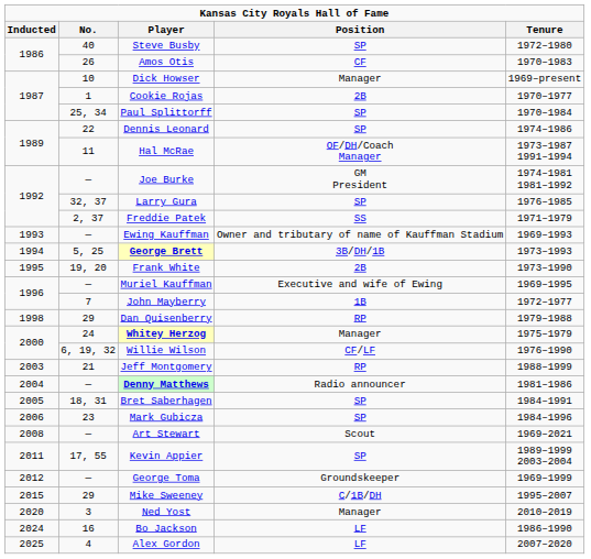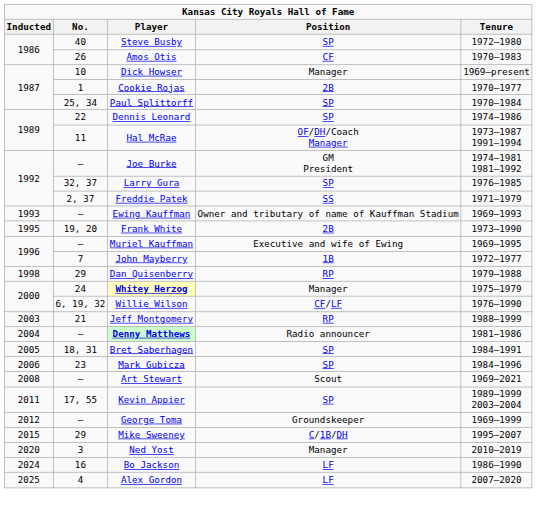 <table class="wikitable" style="text-align:center">
 <tr>
 <td colspan="5"><strong>Kansas City Royals Hall of Fame</strong></td>
 </tr>
 <tr>
 <th>Inducted</th>
 <th>No.</th>
 <th>Player</th>
 <th>Position</th>
 <th>Tenure</th>
 </tr>
 <tr>
 <td rowspan=2>1986</td>
 <td>40</td>
 <td><a href='#'>Steve Busby</a></td>
 <td><a href='#'>SP</a></td>
 <td>1972–1980</td>
 </tr>
 <tr>
 <td>26</td>
 <td><a href='#'>Amos Otis</a></td>
 <td><a href='#'>CF</a></td>
 <td>1970–1983</td>
 </tr>
 <tr>
 <td rowspan=3>1987</td>
 <td>10</td>
 <td><a href='#'>Dick Howser</a></td>
 <td>Manager</td>
 <td>1969–present</td>
 </tr>
 <tr>
 <td>1</td>
 <td><a href='#'>Cookie Rojas</a></td>
 <td><a href='#'>2B</a></td>
 <td>1970–1977</td>
 </tr>
 <tr>
 <td>25, 34</td>
 <td><a href='#'>Paul Splittorff</a></td>
 <td><a href='#'>SP</a></td>
 <td>1970–1984</td>
 </tr>
 <tr>
 <td rowspan=2>1989</td>
 <td>22</td>
 <td><a href='#'>Dennis Leonard</a></td>
 <td><a href='#'>SP</a></td>
 <td>1974–1986</td>
 </tr>
 <tr>
 <td>11</td>
 <td><a href='#'>Hal McRae</a></td>
 <td><a href='#'>OF</a>/<a href='#'>DH</a>/Coach<br><a href='#'>Manager</a></td>
 <td>1973–1987<br>1991–1994</td>
 </tr>
 <tr>
 <td rowspan=3>1992</td>
 <td>—</td>
 <td><a href='#'>Joe Burke</a></td>
 <td>GM<br>President</td>
 <td>1974–1981<br>1981–1992</td>
 </tr>
 <tr>
 <td>32, 37</td>
 <td><a href='#'>Larry Gura</a></td>
 <td><a href='#'>SP</a></td>
 <td>1976–1985</td>
 </tr>
 <tr>
 <td>2, 37</td>
 <td><a href='#'>Freddie Patek</a></td>
 <td><a href='#'>SS</a></td>
 <td>1971–1979</td>
 </tr>
 <tr>
 <td>1993</td>
 <td>—</td>
 <td><a href='#'>Ewing Kauffman</a></td>
 <td>Owner and tributary of name of Kauffman Stadium</td>
 <td>1969–1993</td>
-</tr>
-<tr>
-<td>1994</td>
-<td>5, 25</td>
-<td style="background:#ffb;"><strong><a href='#'>George Brett</a></strong></td>
-<td><a href='#'>3B</a>/<a href='#'>DH</a>/<a href='#'>1B</a></td>
-<td>1973–1993</td>
 </tr>
 <tr>
 <td>1995</td>
 <td>19, 20</td>
 <td><a href='#'>Frank White</a></td>
 <td><a href='#'>2B</a></td>
 <td>1973–1990</td>
 </tr>
 <tr>
 <td rowspan=2>1996</td>
 <td>—</td>
 <td><a href='#'>Muriel Kauffman</a></td>
 <td>Executive and wife of Ewing</td>
 <td>1969–1995</td>
 </tr>
 <tr>
 <td>7</td>
 <td><a href='#'>John Mayberry</a></td>
 <td><a href='#'>1B</a></td>
 <td>1972–1977</td>
 </tr>
 <tr>
 <td>1998</td>
 <td>29</td>
 <td><a href='#'>Dan Quisenberry</a></td>
 <td><a href='#'>RP</a></td>
 <td>1979–1988</td>
 </tr>
 <tr>
 <td rowspan=2>2000</td>
 <td>24</td>
 <td style="background:#ffb;"><strong><a href='#'>Whitey Herzog</a></strong></td>
 <td>Manager</td>
 <td>1975–1979</td>
 </tr>
 <tr>
 <td>6, 19, 32</td>
 <td><a href='#'>Willie Wilson</a></td>
 <td><a href='#'>CF</a>/<a href='#'>LF</a></td>
 <td>1976–1990</td>
 </tr>
 <tr>
 <td>2003</td>
 <td>21</td>
 <td><a href='#'>Jeff Montgomery</a></td>
 <td><a href='#'>RP</a></td>
 <td>1988–1999</td>
 </tr>
 <tr>
 <td>2004</td>
 <td>—</td>
 <td style="background:#cfc;"><strong><a href='#'>Denny Matthews</a></strong></td>
 <td>Radio announcer</td>
 <td>1981–1986</td>
 </tr>
 <tr>
 <td>2005</td>
 <td>18, 31</td>
 <td><a href='#'>Bret Saberhagen</a></td>
 <td><a href='#'>SP</a></td>
 <td>1984–1991</td>
 </tr>
 <tr>
 <td>2006</td>
 <td>23</td>
 <td><a href='#'>Mark Gubicza</a></td>
 <td><a href='#'>SP</a></td>
 <td>1984–1996</td>
 </tr>
 <tr>
 <td>2008</td>
 <td>—</td>
 <td><a href='#'>Art Stewart</a></td>
 <td>Scout</td>
 <td>1969–2021</td>
 </tr>
 <tr>
 <td>2011</td>
 <td>17, 55</td>
 <td><a href='#'>Kevin Appier</a></td>
 <td><a href='#'>SP</a></td>
 <td>1989–1999<br>2003–2004</td>
 </tr>
 <tr>
 <td>2012</td>
 <td>—</td>
 <td><a href='#'>George Toma</a></td>
 <td>Groundskeeper</td>
 <td>1969–1999</td>
 </tr>
 <tr>
 <td>2015</td>
 <td>29</td>
 <td><a href='#'>Mike Sweeney</a></td>
 <td><a href='#'>C</a>/<a href='#'>1B</a>/<a href='#'>DH</a></td>
 <td>1995–2007</td>
 </tr>
 <tr>
 <td>2020</td>
 <td>3</td>
 <td><a href='#'>Ned Yost</a></td>
 <td>Manager</td>
 <td>2010–2019</td>
 </tr>
 <tr>
 <td>2024</td>
 <td>16</td>
 <td><a href='#'>Bo Jackson</a></td>
 <td><a href='#'>LF</a></td>
 <td>1986–1990</td>
 </tr>
 <tr>
 <td>2025</td>
 <td>4</td>
 <td><a href='#'>Alex Gordon</a></td>
 <td><a href='#'>LF</a></td>
 <td>2007–2020</td>
 </tr>
 </table>
